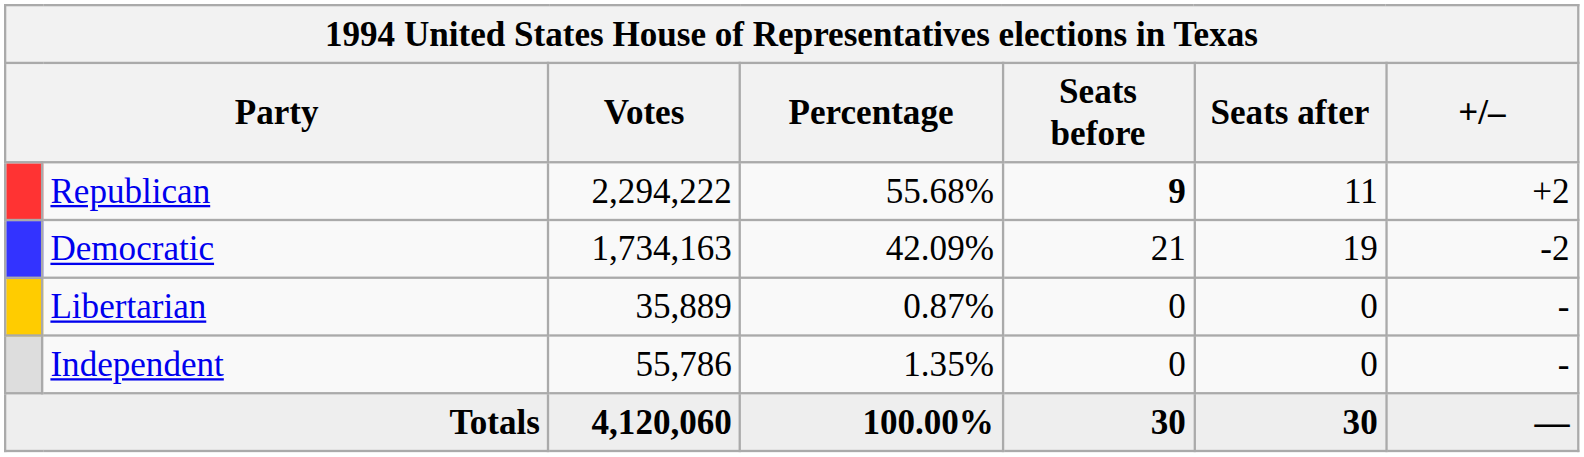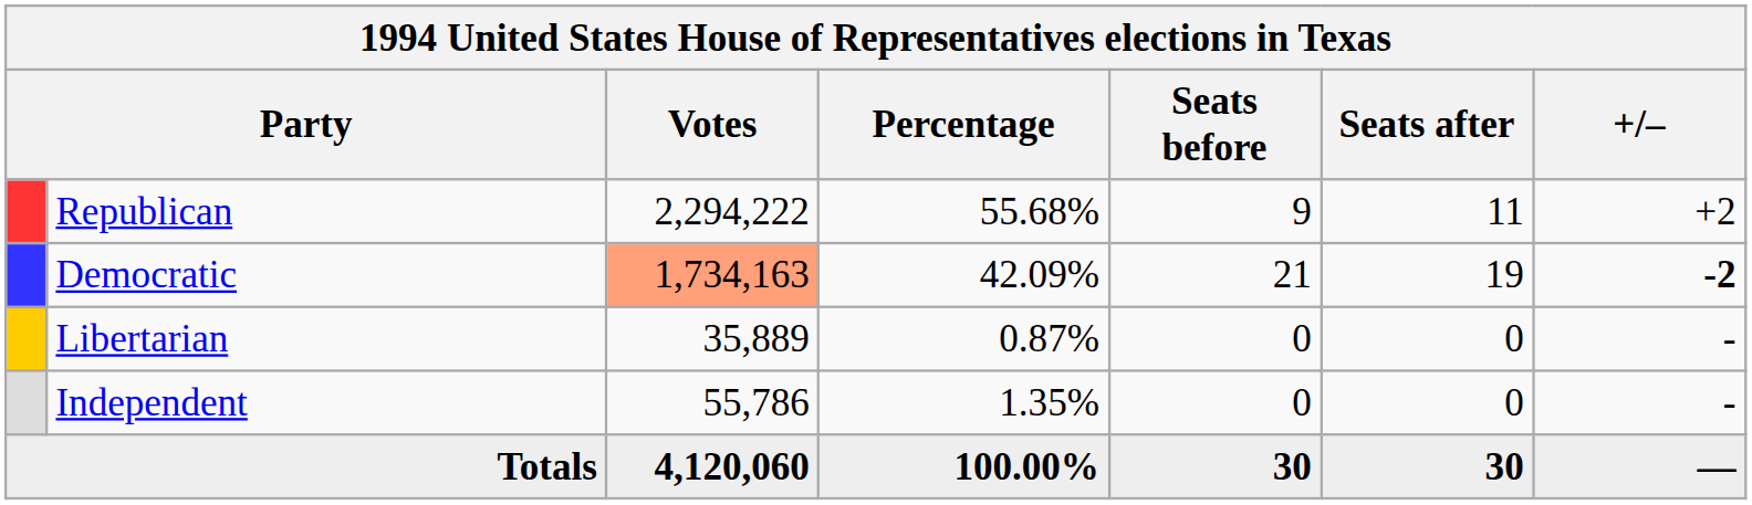 <table class="wikitable" style="font-size: 95%;">
 <tr>
 <th colspan="7">1994 United States House of Representatives elections in Texas</th>
 </tr>
 <tr>
 <th colspan=2 style="width: 15em">Party</th>
 <th style="width: 5em">Votes</th>
 <th style="width: 7em">Percentage</th>
 <th style="width: 5em">Seats before</th>
 <th style="width: 5em">Seats after</th>
 <th style="width: 5em">+/–</th>
 </tr>
 <tr>
 <th style="background-color:#FF3333; width: 3px"></th>
 <td style="width: 130px"><a href='#'>Republican</a></td>
 <td align="right">2,294,222</td>
 <td align="right">55.68%</td>
-<td align="right"><strong>9</strong></td>
+<td align="right">9</td>
 <td align="right">11</td>
 <td align="right">+2</td>
 </tr>
 <tr>
 <th style="background-color:#3333FF; width: 3px"></th>
 <td style="width: 130px"><a href='#'>Democratic</a></td>
-<td align="right">1,734,163</td>
+<td align="right" style="background: lightsalmon;">1,734,163</td>
 <td align="right">42.09%</td>
 <td align="right">21</td>
 <td align="right">19</td>
-<td align="right">-2</td>
+<td align="right"><strong>-2</strong></td>
 </tr>
 <tr>
 <th style="background-color:#FFCC00; width: 3px"></th>
 <td style="width: 130px"><a href='#'>Libertarian</a></td>
 <td align="right">35,889</td>
 <td align="right">0.87%</td>
 <td align="right">0</td>
 <td align="right">0</td>
 <td align="right">-</td>
 </tr>
 <tr>
 <th style="background-color:#DDDDDD; width: 3px"></th>
 <td style="width: 130px"><a href='#'>Independent</a></td>
 <td align="right">55,786</td>
 <td align="right">1.35%</td>
 <td align="right">0</td>
 <td align="right">0</td>
 <td align="right">-</td>
 </tr>
 <tr bgcolor="#EEEEEE">
 <td colspan="2" align="right"><strong>Totals</strong></td>
 <td align="right"><strong>4,120,060</strong></td>
 <td align="right"><strong>100.00%</strong></td>
 <td align="right"><strong>30</strong></td>
 <td align="right"><strong>30</strong></td>
 <td align="right"><strong>—</strong></td>
 </tr>
 </table>
